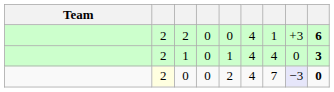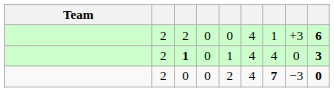 <table class="wikitable" style="text-align:center">
 <tr>
 <th width=175>Team</th>
 <th width=20></th>
 <th width=20></th>
 <th width=20></th>
 <th width=20></th>
 <th width=20></th>
 <th width=20></th>
 <th width=20></th>
 <th width=20></th>
 </tr>
 <tr align=center bgcolor=#ccffcc>
 <td align=left></td>
 <td>2</td>
 <td>2</td>
 <td>0</td>
 <td>0</td>
 <td>4</td>
 <td>1</td>
 <td>+3</td>
 <td><strong>6</strong></td>
 </tr>
 <tr align=center bgcolor=#ccffcc>
 <td align=left></td>
 <td>2</td>
-<td>1</td>
+<td><strong>1</strong></td>
 <td>0</td>
 <td>1</td>
 <td>4</td>
 <td>4</td>
 <td>0</td>
 <td><strong>3</strong></td>
 </tr>
 <tr>
 <td align=left></td>
-<td style="background: lightyellow;">2</td>
+<td>2</td>
 <td>0</td>
 <td>0</td>
 <td>2</td>
 <td>4</td>
-<td>7</td>
-<td style="background: lavender;">−3</td>
+<td><strong>7</strong></td>
+<td>−3</td>
 <td><strong>0</strong></td>
 </tr>
 </table>
